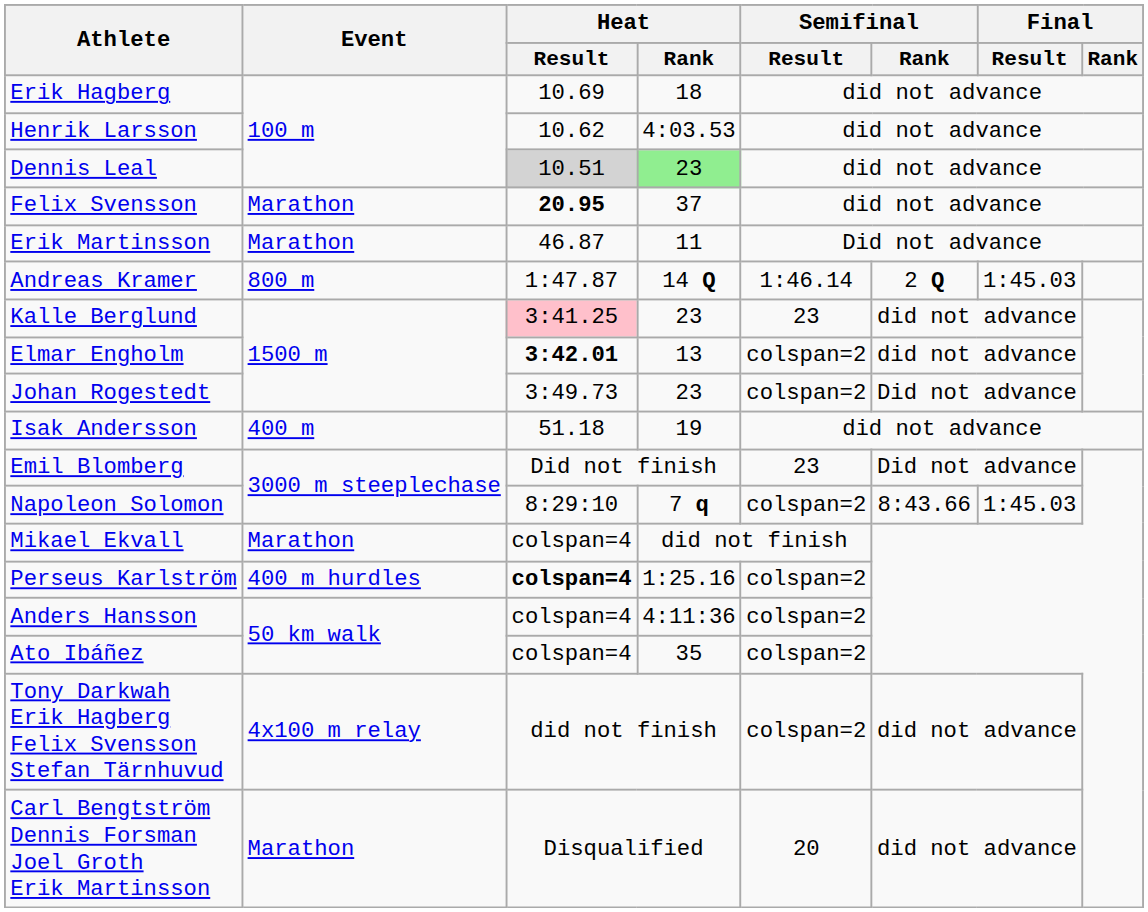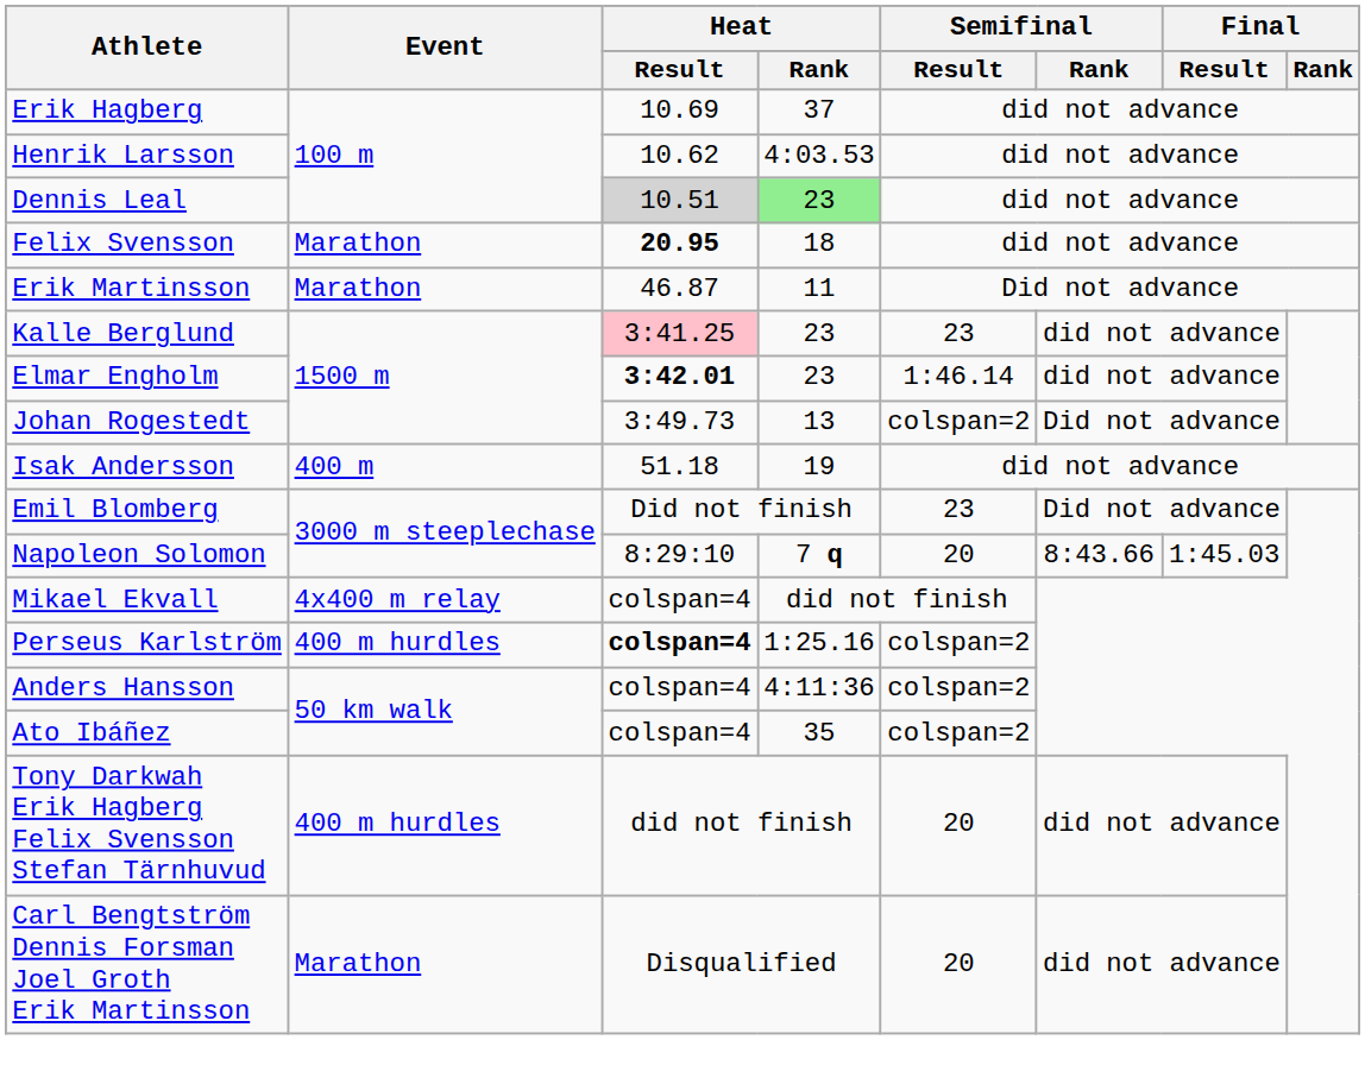 <table class="wikitable" style="font-size:90%">
 <tr>
 <th rowspan="2">Athlete</th>
 <th rowspan="2">Event</th>
 <th colspan="2">Heat</th>
 <th colspan="2">Semifinal</th>
 <th colspan="2">Final</th>
 </tr>
 <tr style="font-size:95%">
 <th>Result</th>
 <th>Rank</th>
 <th>Result</th>
 <th>Rank</th>
 <th>Result</th>
 <th>Rank</th>
 </tr>
 <tr align=center>
 <td align=left><a href='#'>Erik Hagberg</a></td>
 <td align=left rowspan=3><a href='#'>100 m</a></td>
 <td>10.69</td>
-<td>18</td>
+<td>37</td>
 <td colspan=4>did not advance</td>
 </tr>
 <tr align=center>
 <td align=left><a href='#'>Henrik Larsson</a></td>
 <td>10.62</td>
 <td>4:03.53</td>
 <td colspan=4>did not advance</td>
 </tr>
 <tr align=center>
 <td align=left><a href='#'>Dennis Leal</a></td>
 <td style="background: lightgrey;">10.51</td>
 <td style="background: lightgreen;">23</td>
 <td colspan=4>did not advance</td>
 </tr>
 <tr align=center>
 <td align=left><a href='#'>Felix Svensson</a></td>
 <td align=left><a href='#'>Marathon</a></td>
 <td><strong>20.95</strong></td>
-<td>37</td>
+<td>18</td>
 <td colspan=4>did not advance</td>
 </tr>
 <tr align=center>
 <td align=left><a href='#'>Erik Martinsson</a></td>
 <td align=left><a href='#'>Marathon</a></td>
 <td>46.87</td>
 <td>11</td>
 <td colspan=4>Did not advance</td>
-</tr>
-<tr align=center>
-<td align=left><a href='#'>Andreas Kramer</a></td>
-<td align=left><a href='#'>800 m</a></td>
-<td>1:47.87</td>
-<td>14 <strong>Q</strong></td>
-<td>1:46.14</td>
-<td>2 <strong>Q</strong></td>
-<td>1:45.03</td>
-<td></td>
 </tr>
 <tr align=center>
 <td align=left><a href='#'>Kalle Berglund</a></td>
 <td align=left rowspan=3><a href='#'>1500 m</a></td>
 <td style="background: pink;">3:41.25</td>
 <td>23</td>
 <td>23</td>
 <td colspan=2>did not advance</td>
 </tr>
 <tr align=center>
 <td align=left><a href='#'>Elmar Engholm</a></td>
 <td><strong>3:42.01</strong></td>
-<td>13</td>
-<td>colspan=2 </td>
+<td>23</td>
+<td>1:46.14</td>
 <td colspan=2>did not advance</td>
 </tr>
 <tr align=center>
 <td align=left><a href='#'>Johan Rogestedt</a></td>
 <td>3:49.73</td>
-<td>23</td>
+<td>13</td>
 <td>colspan=2 </td>
 <td colspan=2>Did not advance</td>
 </tr>
 <tr align=center>
 <td align=left><a href='#'>Isak Andersson</a></td>
 <td align=left><a href='#'>400 m</a></td>
 <td>51.18</td>
 <td>19</td>
 <td colspan=4>did not advance</td>
 </tr>
 <tr align=center>
 <td align=left><a href='#'>Emil Blomberg</a></td>
 <td align=left rowspan=2><a href='#'>3000 m steeplechase</a></td>
 <td colspan=2>Did not finish</td>
 <td>23</td>
 <td colspan=2>Did not advance</td>
 </tr>
 <tr align=center>
 <td align=left><a href='#'>Napoleon Solomon</a></td>
 <td>8:29:10</td>
 <td>7 <strong>q</strong></td>
-<td>colspan=2 </td>
+<td>20</td>
 <td>8:43.66</td>
 <td>1:45.03</td>
 </tr>
 <tr align=center>
 <td align=left><a href='#'>Mikael Ekvall</a></td>
-<td align=left><a href='#'>Marathon</a></td>
+<td align=left><a href='#'>4x400 m relay</a></td>
 <td>colspan=4 </td>
 <td colspan=2>did not finish</td>
 </tr>
 <tr align=center>
 <td align=left><a href='#'>Perseus Karlström</a></td>
 <td align=left><a href='#'>400 m hurdles</a></td>
 <td><strong>colspan=4 </strong></td>
 <td>1:25.16</td>
 <td>colspan=2 </td>
 </tr>
 <tr align=center>
 <td align=left><a href='#'>Anders Hansson</a></td>
 <td align=left rowspan=2><a href='#'>50 km walk</a></td>
 <td>colspan=4 </td>
 <td>4:11:36</td>
 <td>colspan=2 </td>
 </tr>
 <tr align=center>
 <td align=left><a href='#'>Ato Ibáñez</a></td>
 <td>colspan=4 </td>
 <td>35</td>
 <td>colspan=2 </td>
 </tr>
 <tr align=center>
 <td align=left><a href='#'>Tony Darkwah</a><br><a href='#'>Erik Hagberg</a><br><a href='#'>Felix Svensson</a><br><a href='#'>Stefan Tärnhuvud</a></td>
-<td align=left><a href='#'>4x100 m relay</a></td>
+<td align=left><a href='#'>400 m hurdles</a></td>
 <td colspan=2>did not finish</td>
-<td>colspan=2 </td>
+<td>20</td>
 <td colspan=2>did not advance</td>
 </tr>
 <tr align=center>
 <td align=left><a href='#'>Carl Bengtström</a><br><a href='#'>Dennis Forsman</a><br><a href='#'>Joel Groth</a><br><a href='#'>Erik Martinsson</a></td>
 <td align=left><a href='#'>Marathon</a></td>
 <td colspan=2>Disqualified</td>
 <td>20</td>
 <td colspan=2>did not advance</td>
 </tr>
 </table>
